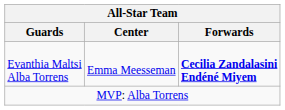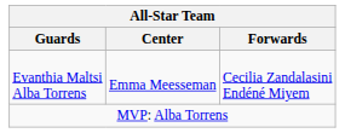 <table class=wikitable style="margin:auto">
 <tr>
 <th colspan=3 align=center>All-Star Team</th>
 </tr>
 <tr>
 <th>Guards</th>
 <th>Center</th>
 <th>Forwards</th>
 </tr>
 <tr>
 <td><br> <a href='#'>Evanthia Maltsi</a> <br>   <a href='#'>Alba Torrens</a></td>
 <td valign=center><br> <a href='#'>Emma Meesseman</a></td>
-<td><strong><br> <a href='#'>Cecilia Zandalasini</a> <br>  <a href='#'>Endéné Miyem</a></strong></td>
+<td><br> <a href='#'>Cecilia Zandalasini</a> <br>  <a href='#'>Endéné Miyem</a></td>
 </tr>
 <tr>
 <td colspan=3 align=center><a href='#'>MVP</a>:  <a href='#'>Alba Torrens</a></td>
 </tr>
 </table>
